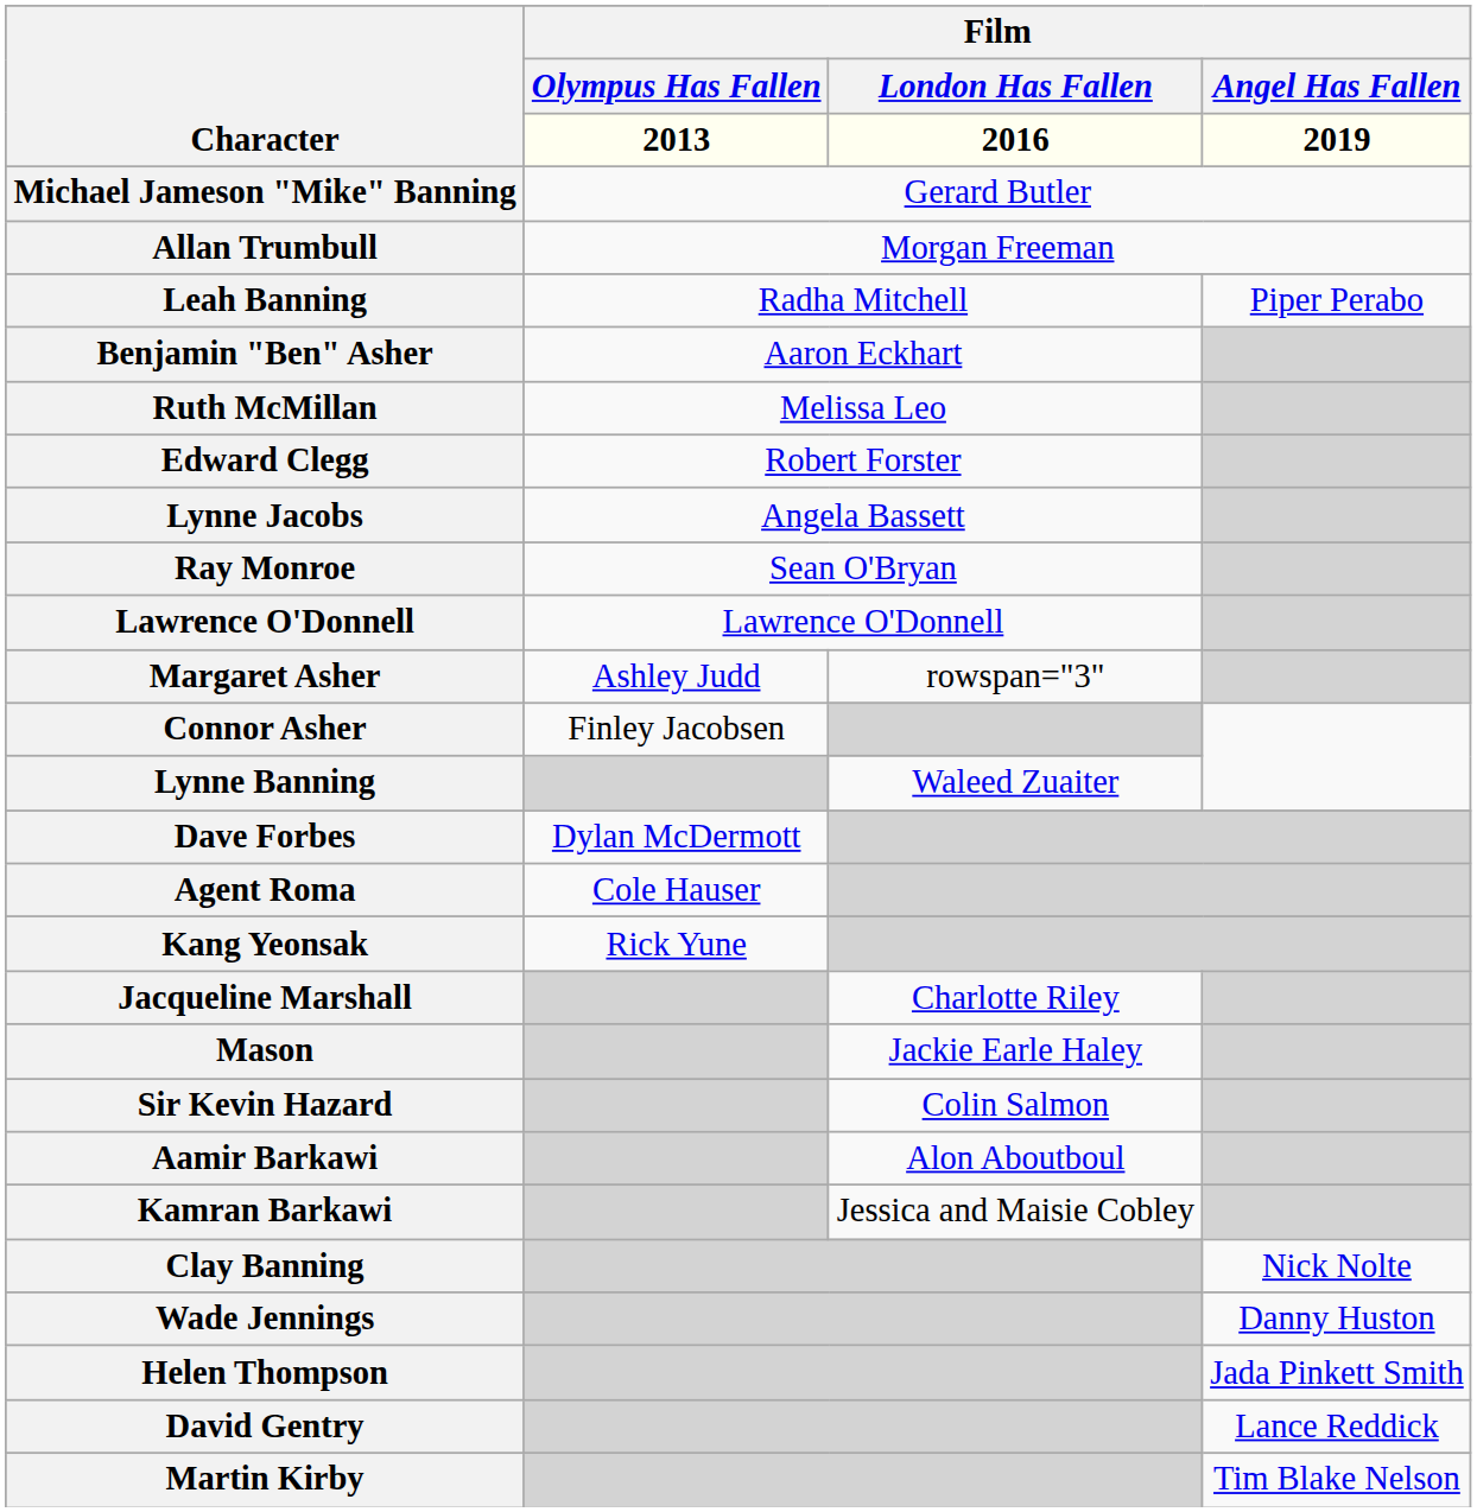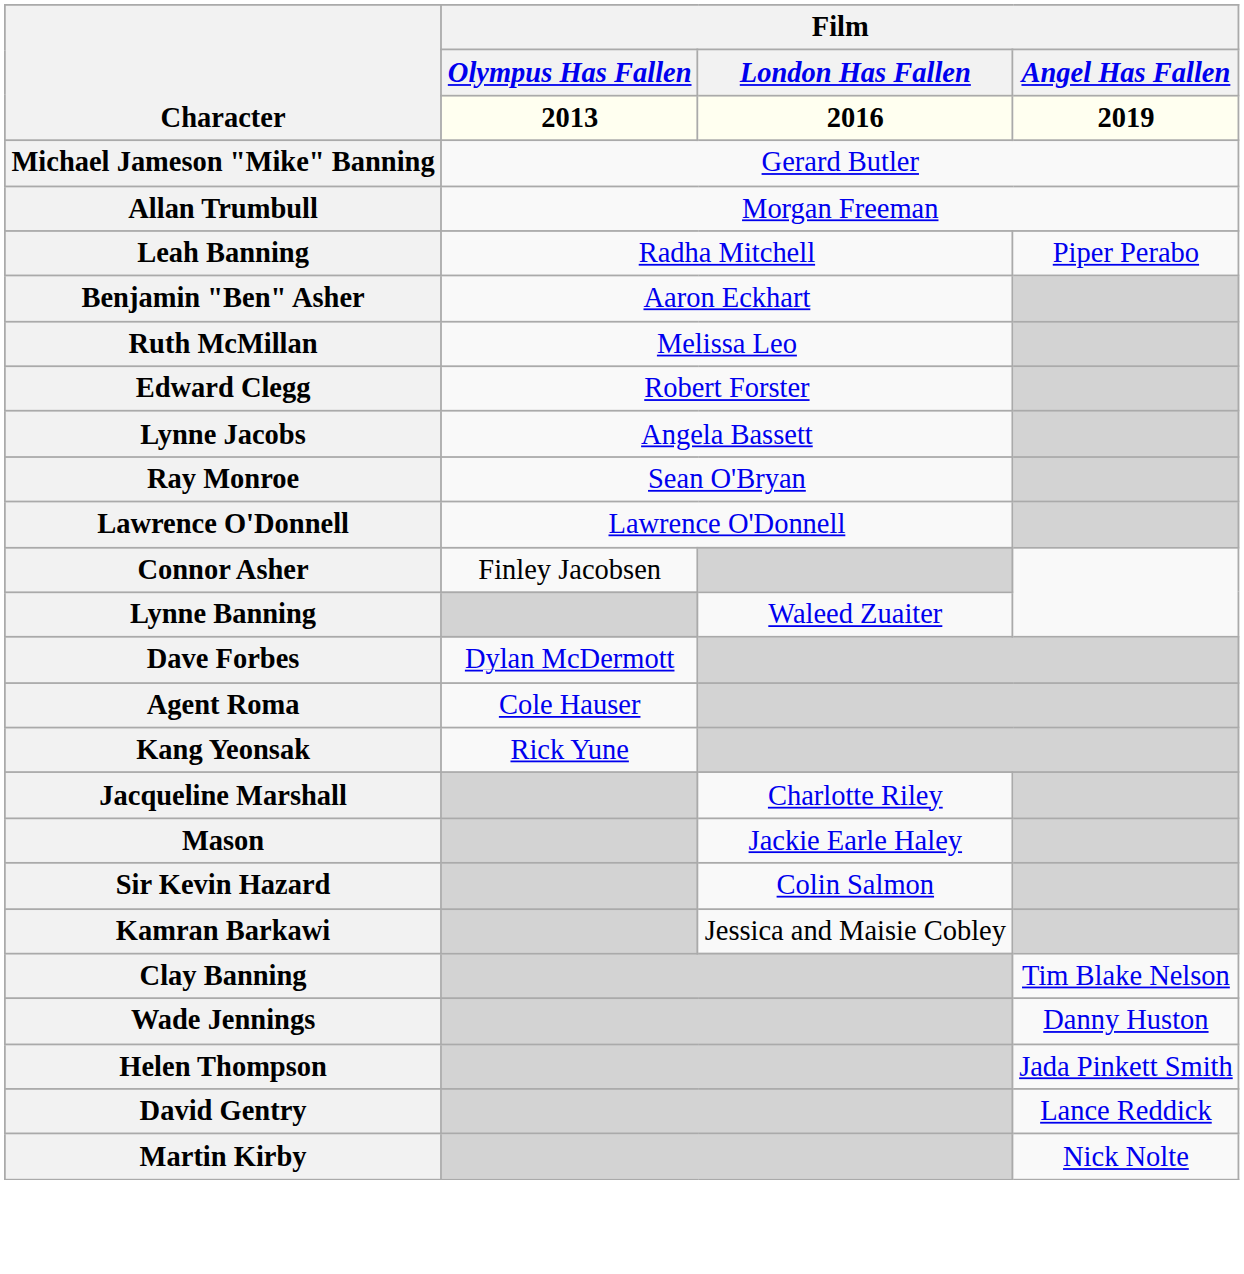 <table class="wikitable plainrowheaders" style="text-align:center;">
 <tr>
 <th scope="col" rowspan="3" style="vertical-align:bottom;">Character</th>
 <th colspan="3" scope="colgroup" style="text-align:center;">Film</th>
 </tr>
 <tr>
 <th scope="col" style="text-align:center;"><em><a href='#'>Olympus Has Fallen</a></em></th>
 <th scope="col" style="text-align:center;"><em><a href='#'>London Has Fallen</a></em></th>
 <th scope="col" style="text-align:center;"><em><a href='#'>Angel Has Fallen</a></em></th>
 </tr>
 <tr>
 <th scope="col" style="background:ivory;">2013</th>
 <th scope="col" style="background:ivory;">2016</th>
 <th scope="col" style="background:ivory;">2019</th>
 </tr>
 <tr>
 <th scope="row">Michael Jameson "Mike" Banning</th>
 <td colspan="3"><a href='#'>Gerard Butler</a></td>
 </tr>
 <tr>
 <th scope="row">Allan Trumbull</th>
 <td colspan="3"><a href='#'>Morgan Freeman</a></td>
 </tr>
 <tr>
 <th scope="row">Leah Banning</th>
 <td colspan="2"><a href='#'>Radha Mitchell</a></td>
 <td><a href='#'>Piper Perabo</a></td>
 </tr>
 <tr>
 <th scope="row">Benjamin "Ben" Asher</th>
 <td colspan="2"><a href='#'>Aaron Eckhart</a></td>
 <td style="background:lightgrey;"> </td>
 </tr>
 <tr>
 <th scope="row">Ruth McMillan</th>
 <td colspan="2"><a href='#'>Melissa Leo</a></td>
 <td style="background:lightgrey;"> </td>
 </tr>
 <tr>
 <th scope="row">Edward Clegg</th>
 <td colspan="2"><a href='#'>Robert Forster</a></td>
 <td style="background:lightgrey;"> </td>
 </tr>
 <tr>
 <th scope="row">Lynne Jacobs</th>
 <td colspan="2"><a href='#'>Angela Bassett</a></td>
 <td style="background:lightgrey;"> </td>
 </tr>
 <tr>
 <th scope="row">Ray Monroe</th>
 <td colspan="2"><a href='#'>Sean O'Bryan</a></td>
 <td style="background:lightgrey;"> </td>
 </tr>
 <tr>
 <th scope="row">Lawrence O'Donnell</th>
 <td colspan="2"><a href='#'>Lawrence O'Donnell</a></td>
 <td style="background:lightgrey;"> </td>
 </tr>
 <tr>
-<th scope="row">Margaret Asher</th>
-<td><a href='#'>Ashley Judd</a></td>
-<td>rowspan="3" </td>
-<td style="background:lightgrey;"> </td>
-</tr>
-<tr>
 <th scope="row">Connor Asher</th>
 <td>Finley Jacobsen</td>
 <td style="background:lightgrey;"> </td>
 </tr>
 <tr>
 <th scope="row">Lynne Banning</th>
 <td style="background:lightgrey;"> </td>
 <td><a href='#'>Waleed Zuaiter</a></td>
 </tr>
 <tr>
 <th scope="row">Dave Forbes</th>
 <td><a href='#'>Dylan McDermott</a></td>
 <td colspan="2" style="background:lightgrey;"> </td>
 </tr>
 <tr>
 <th scope="row">Agent Roma</th>
 <td><a href='#'>Cole Hauser</a></td>
 <td colspan="2" style="background:lightgrey;"> </td>
 </tr>
 <tr>
 <th scope="row">Kang Yeonsak</th>
 <td><a href='#'>Rick Yune</a></td>
 <td colspan="2" style="background:lightgrey;"> </td>
 </tr>
 <tr>
 <th scope="row">Jacqueline Marshall</th>
 <td style="background:lightgrey;"> </td>
 <td><a href='#'>Charlotte Riley</a></td>
 <td style="background:lightgrey;"> </td>
 </tr>
 <tr>
 <th scope="row">Mason</th>
 <td style="background:lightgrey;"> </td>
 <td><a href='#'>Jackie Earle Haley</a></td>
 <td style="background:lightgrey;"> </td>
 </tr>
 <tr>
 <th scope="row">Sir Kevin Hazard</th>
 <td style="background:lightgrey;"> </td>
 <td><a href='#'>Colin Salmon</a></td>
 <td style="background:lightgrey;"> </td>
 </tr>
 <tr>
-<th scope="row">Aamir Barkawi</th>
-<td style="background:lightgrey;"> </td>
-<td><a href='#'>Alon Aboutboul</a></td>
-<td style="background:lightgrey;"> </td>
-</tr>
-<tr>
 <th scope="row">Kamran Barkawi</th>
 <td style="background:lightgrey;"> </td>
 <td>Jessica and Maisie Cobley</td>
 <td style="background:lightgrey;"> </td>
 </tr>
 <tr>
 <th scope="row">Clay Banning</th>
 <td colspan="2" style="background:lightgrey;"> </td>
-<td><a href='#'>Nick Nolte</a></td>
+<td><a href='#'>Tim Blake Nelson</a></td>
 </tr>
 <tr>
 <th scope="row">Wade Jennings</th>
 <td colspan="2" style="background:lightgrey;"> </td>
 <td><a href='#'>Danny Huston</a></td>
 </tr>
 <tr>
 <th scope="row">Helen Thompson</th>
 <td colspan="2" style="background:lightgrey;"> </td>
 <td><a href='#'>Jada Pinkett Smith</a></td>
 </tr>
 <tr>
 <th scope="row">David Gentry</th>
 <td colspan="2" style="background:lightgrey;"> </td>
 <td><a href='#'>Lance Reddick</a></td>
 </tr>
 <tr>
 <th scope="row">Martin Kirby</th>
 <td colspan="2" style="background:lightgrey;"> </td>
-<td><a href='#'>Tim Blake Nelson</a></td>
+<td><a href='#'>Nick Nolte</a></td>
 </tr>
 </table>
